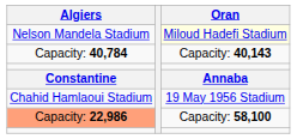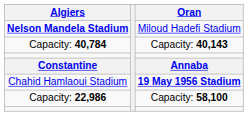 <table class="wikitable" style="margin:1em auto; text-align:center">
 <tr>
 <th><a href='#'>Algiers</a></th>
 <th colspan="2" rowspan="8"></th>
 <th><a href='#'>Oran</a></th>
 </tr>
 <tr>
-<td><a href='#'>Nelson Mandela Stadium</a></td>
-<td style="background: lightyellow;"><a href='#'>Miloud Hadefi Stadium</a></td>
+<td><strong><a href='#'>Nelson Mandela Stadium</a></strong></td>
+<td><a href='#'>Miloud Hadefi Stadium</a></td>
 </tr>
 <tr>
 <td>Capacity: <strong>40,784</strong></td>
 <td>Capacity: <strong>40,143</strong></td>
 </tr>
 <tr>
 <td></td>
 <td></td>
 </tr>
 <tr>
 <th><a href='#'>Constantine</a></th>
 <th><a href='#'>Annaba</a></th>
 </tr>
 <tr>
 <td><a href='#'>Chahid Hamlaoui Stadium</a></td>
-<td><a href='#'>19 May 1956 Stadium</a></td>
+<td><strong><a href='#'>19 May 1956 Stadium</a></strong></td>
 </tr>
 <tr>
-<td style="background: lightsalmon;">Capacity: <strong>22,986</strong></td>
+<td>Capacity: <strong>22,986</strong></td>
 <td>Capacity: <strong>58,100</strong></td>
 </tr>
 <tr>
 <td></td>
 <td></td>
 </tr>
 </table>
